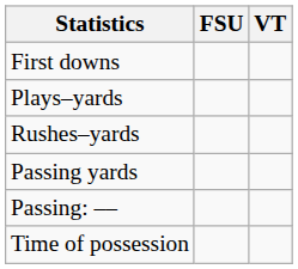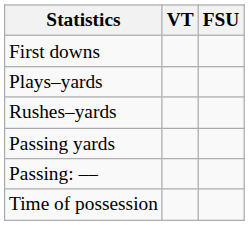 <table class="wikitable" style="float:left">
 <tr>
 <th>Statistics</th>
+<th>VT</th>
 <th>FSU</th>
-<th>VT</th>
 </tr>
 <tr>
 <td>First downs</td>
 <td></td>
 <td></td>
 </tr>
 <tr>
 <td>Plays–yards</td>
 <td></td>
 <td></td>
 </tr>
 <tr>
 <td>Rushes–yards</td>
 <td></td>
 <td></td>
 </tr>
 <tr>
 <td>Passing yards</td>
 <td></td>
 <td></td>
 </tr>
 <tr>
 <td>Passing: ––</td>
 <td></td>
 <td></td>
 </tr>
 <tr>
 <td>Time of possession</td>
 <td></td>
 <td></td>
 </tr>
 </table>
